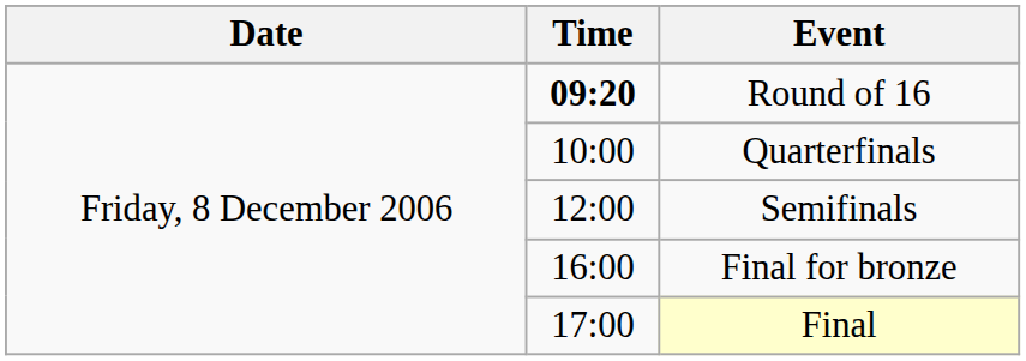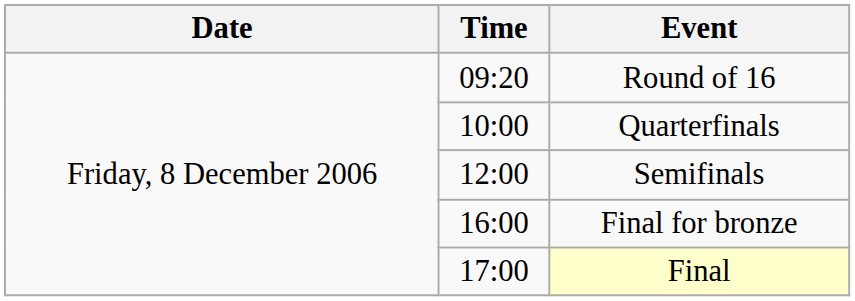 <table class = "wikitable" style="text-align:center;">
 <tr>
 <th width=220>Date</th>
 <th width=50>Time</th>
 <th width=150>Event</th>
 </tr>
 <tr>
 <td rowspan=5>Friday, 8 December 2006</td>
-<td><strong>09:20</strong></td>
+<td>09:20</td>
 <td>Round of 16</td>
 </tr>
 <tr>
 <td>10:00</td>
 <td>Quarterfinals</td>
 </tr>
 <tr>
 <td>12:00</td>
 <td>Semifinals</td>
 </tr>
 <tr>
 <td>16:00</td>
 <td>Final for bronze</td>
 </tr>
 <tr>
 <td>17:00</td>
 <td bgcolor=ffffcc>Final</td>
 </tr>
 </table>
